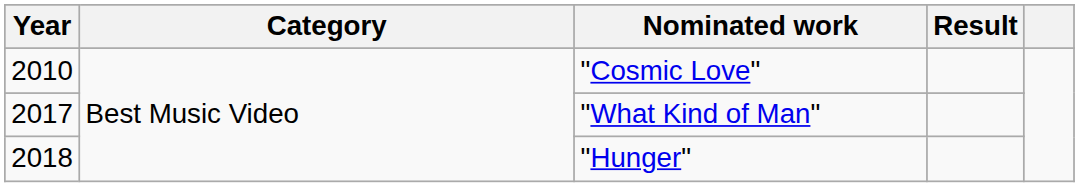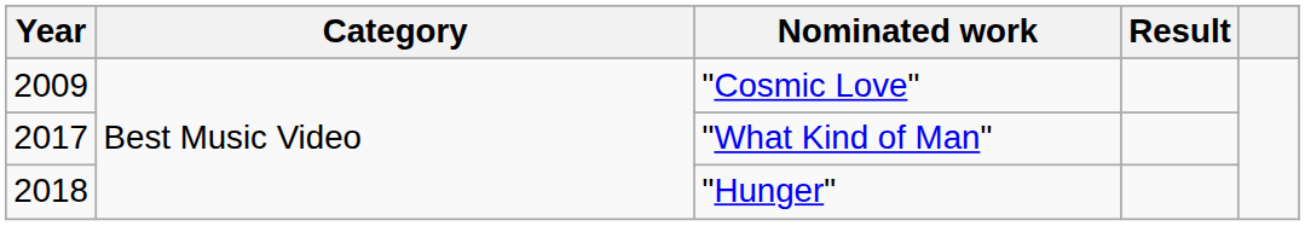 <table class="wikitable plainrowheaders" style="width:70%;">
 <tr>
 <th scope="col" style="width:4%;">Year</th>
 <th scope="col" style="width:50%;">Category</th>
 <th scope="col" style="width:35%;">Nominated work</th>
 <th scope="col" style="width:6%;">Result</th>
 <th scope="col" style="width:6%;"></th>
 </tr>
 <tr>
-<td style="text-align:center;">2010</td>
+<td style="text-align:center;">2009</td>
 <td rowspan="3">Best Music Video</td>
 <td>"<a href='#'>Cosmic Love</a>"</td>
 <td></td>
 <td rowspan="3"></td>
 </tr>
 <tr>
 <td style="text-align:center;">2017</td>
 <td>"<a href='#'>What Kind of Man</a>"</td>
 <td></td>
 </tr>
 <tr>
 <td style="text-align:center;">2018</td>
 <td>"<a href='#'>Hunger</a>"</td>
 <td></td>
 </tr>
 </table>
